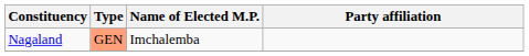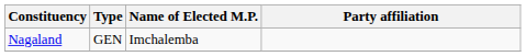 <table class="wikitable" style="font-size:95%;">
 <tr>
 <th>Constituency</th>
 <th>Type</th>
 <th>Name of Elected M.P.</th>
 <th colspan="2" style="width:18em">Party affiliation</th>
 </tr>
 <tr>
 <td><a href='#'>Nagaland</a></td>
-<td style="background: lightsalmon;">GEN</td>
+<td>GEN</td>
 <td>Imchalemba</td>
 <td></td>
 </tr>
 <tr>
 </tr>
 </table>
